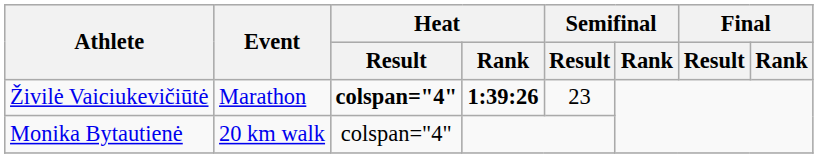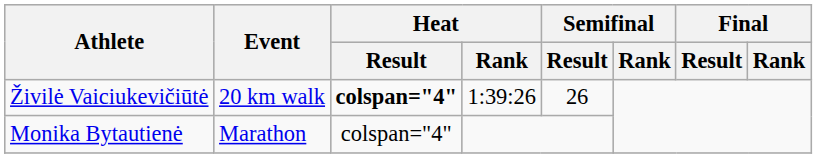 <table class="wikitable" style="font-size:90%">
 <tr>
 <th rowspan="2">Athlete</th>
 <th rowspan="2">Event</th>
 <th colspan="2">Heat</th>
 <th colspan="2">Semifinal</th>
 <th colspan="2">Final</th>
 </tr>
 <tr>
 <th>Result</th>
 <th>Rank</th>
 <th>Result</th>
 <th>Rank</th>
 <th>Result</th>
 <th>Rank</th>
 </tr>
 <tr style=text-align:center>
 <td style=text-align:left><a href='#'>Živilė Vaiciukevičiūtė</a></td>
-<td style=text-align:left><a href='#'>Marathon</a></td>
+<td style=text-align:left><a href='#'>20 km walk</a></td>
 <td><strong>colspan="4" </strong></td>
-<td><strong>1:39:26</strong></td>
-<td>23</td>
+<td>1:39:26</td>
+<td>26</td>
 </tr>
 <tr style=text-align:center>
 <td style=text-align:left><a href='#'>Monika Bytautienė</a></td>
-<td style=text-align:left><a href='#'>20 km walk</a></td>
+<td style=text-align:left><a href='#'>Marathon</a></td>
 <td>colspan="4" </td>
 <td colspan="2"></td>
 </tr>
 </table>
